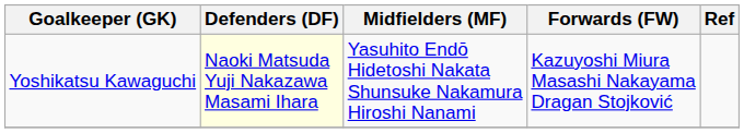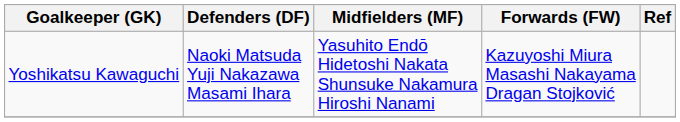 <table class="wikitable" style="text-align:left; font-size:100%;">
 <tr style="background:#cccccc;">
 <th>Goalkeeper (GK)</th>
 <th>Defenders (DF)</th>
 <th>Midfielders (MF)</th>
 <th>Forwards (FW)</th>
 <th>Ref</th>
 </tr>
 <tr>
 <td> <a href='#'>Yoshikatsu Kawaguchi</a></td>
-<td style="background: lightyellow;"> <a href='#'>Naoki Matsuda</a> <br> <a href='#'>Yuji Nakazawa</a> <br> <a href='#'>Masami Ihara</a></td>
+<td> <a href='#'>Naoki Matsuda</a> <br> <a href='#'>Yuji Nakazawa</a> <br> <a href='#'>Masami Ihara</a></td>
 <td> <a href='#'>Yasuhito Endō</a> <br> <a href='#'>Hidetoshi Nakata</a> <br> <a href='#'>Shunsuke Nakamura</a> <br> <a href='#'>Hiroshi Nanami</a></td>
 <td> <a href='#'>Kazuyoshi Miura</a> <br> <a href='#'>Masashi Nakayama</a> <br> <a href='#'>Dragan Stojković</a></td>
 <td></td>
 </tr>
 <tr>
 </tr>
 </table>
